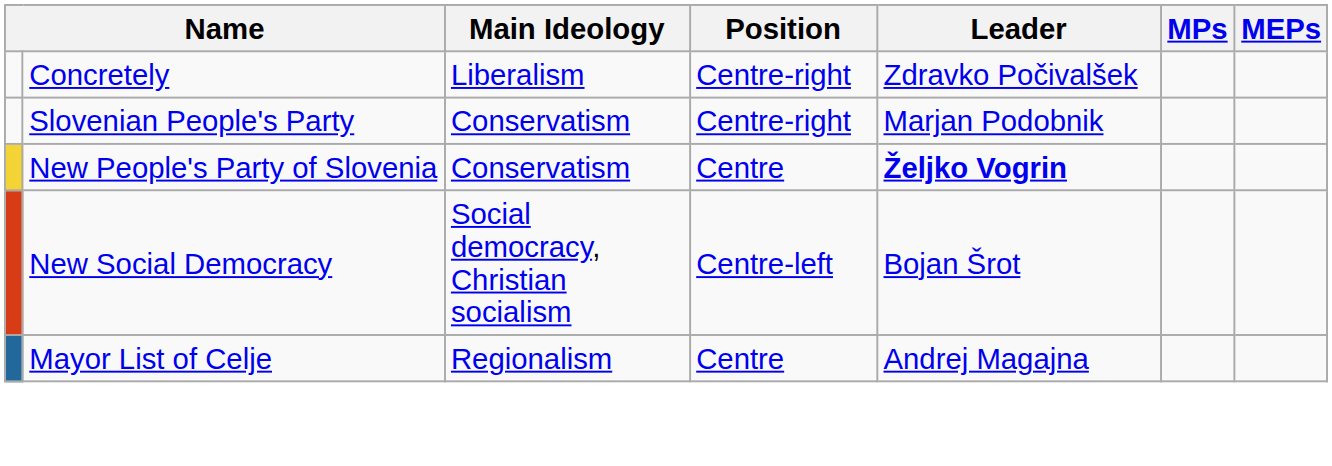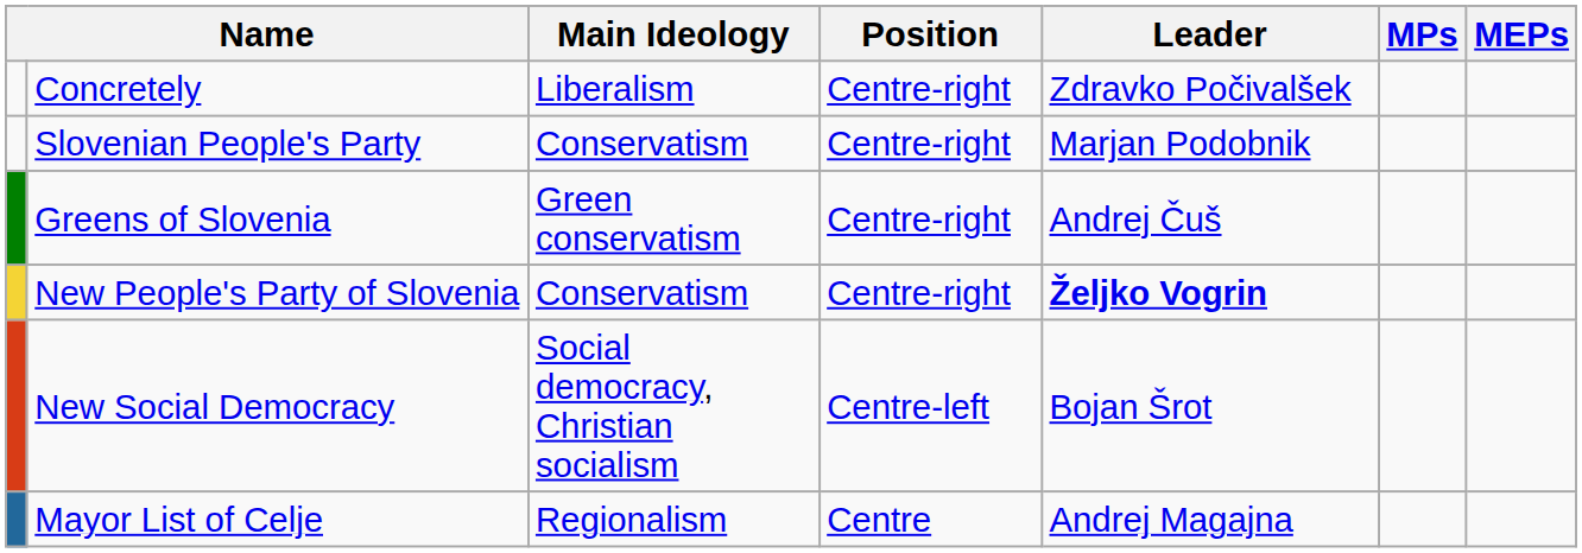 <table class="wikitable" style="font-size:95%;">
 <tr>
 <th style="width:200px" colspan="2">Name</th>
 <th style="width:120px">Main Ideology</th>
 <th style="width:90px">Position</th>
 <th style="width:140px">Leader</th>
 <th><a href='#'>MPs</a></th>
 <th><a href='#'>MEPs</a></th>
 </tr>
 <tr>
 <td style="width:2px; background:"></td>
 <td><a href='#'>Concretely</a></td>
 <td><a href='#'>Liberalism</a></td>
 <td><a href='#'>Centre-right</a></td>
 <td><a href='#'>Zdravko Počivalšek</a></td>
 <td></td>
 <td></td>
 </tr>
 <tr>
 <td style="width:2px; background:"></td>
 <td><a href='#'>Slovenian People's Party</a></td>
 <td><a href='#'>Conservatism</a></td>
 <td><a href='#'>Centre-right</a></td>
 <td><a href='#'>Marjan Podobnik</a></td>
 <td></td>
 <td></td>
 </tr>
 <tr>
+<td style="width:2px; background:green;"></td>
+<td><a href='#'>Greens of Slovenia</a></td>
+<td><a href='#'>Green conservatism</a></td>
+<td><a href='#'>Centre-right</a></td>
+<td><a href='#'>Andrej Čuš</a></td>
+<td></td>
+<td></td>
+</tr>
+<tr>
 <td style="width:2px; background:#F4D435;"></td>
 <td><a href='#'>New People's Party of Slovenia</a></td>
 <td><a href='#'>Conservatism</a><br></td>
-<td><a href='#'>Centre</a></td>
+<td><a href='#'>Centre-right</a></td>
 <td><strong><a href='#'>Željko Vogrin</a></strong></td>
 <td></td>
 <td></td>
 </tr>
 <tr>
 <td style="width:2px; background:#d83c16;"></td>
 <td><a href='#'>New Social Democracy</a></td>
 <td><a href='#'>Social democracy</a>, <a href='#'>Christian socialism</a></td>
 <td><a href='#'>Centre-left</a></td>
 <td><a href='#'>Bojan Šrot</a></td>
 <td></td>
 <td></td>
 </tr>
 <tr>
 <td style="width:2px; background:#22689b;"></td>
 <td><a href='#'>Mayor List of Celje</a></td>
 <td><a href='#'>Regionalism</a><br></td>
 <td><a href='#'>Centre</a></td>
 <td><a href='#'>Andrej Magajna</a></td>
 <td></td>
 <td></td>
 </tr>
 </table>
